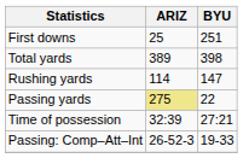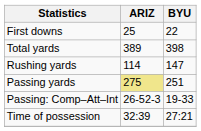 <table class="wikitable" style="float: left;">
 <tr>
 <th>Statistics</th>
 <th>ARIZ</th>
 <th>BYU</th>
 </tr>
 <tr>
 <td>First downs</td>
 <td>25</td>
-<td>251</td>
+<td>22</td>
 </tr>
 <tr>
 <td>Total yards</td>
 <td>389</td>
 <td>398</td>
 </tr>
 <tr>
 <td>Rushing yards</td>
 <td>114</td>
 <td>147</td>
 </tr>
 <tr>
 <td>Passing yards</td>
 <td style="background: khaki;">275</td>
-<td>22</td>
+<td>251</td>
+</tr>
+<tr>
+<td>Passing: Comp–Att–Int</td>
+<td>26-52-3</td>
+<td>19-33</td>
 </tr>
 <tr>
 <td>Time of possession</td>
 <td>32:39</td>
 <td>27:21</td>
 </tr>
 <tr>
-<td>Passing: Comp–Att–Int</td>
-<td>26-52-3</td>
-<td>19-33</td>
-</tr>
-<tr>
 </tr>
 </table>
